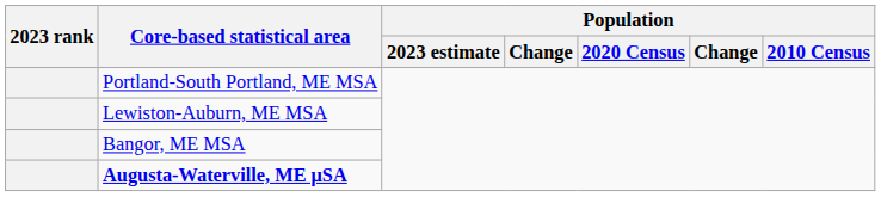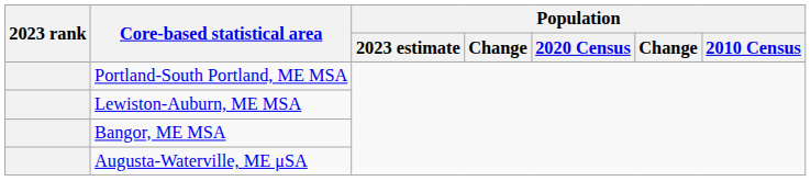 <table class="wikitable sortable">
 <tr>
 <th scope=col rowspan=2>2023 rank</th>
 <th scope=col rowspan=2><a href='#'>Core-based statistical area</a></th>
 <th colspan=5>Population</th>
 </tr>
 <tr>
 <th scope=col>2023 estimate</th>
 <th scope=col>Change</th>
 <th scope=col><a href='#'>2020 Census</a></th>
 <th scope=col>Change</th>
 <th scope=col><a href='#'>2010 Census</a></th>
 </tr>
 <tr>
 <th scope=row></th>
 <td><a href='#'>Portland-South Portland, ME MSA</a><br></td>
 </tr>
 <tr>
 <th scope=row></th>
 <td><a href='#'>Lewiston-Auburn, ME MSA</a><br></td>
 </tr>
 <tr>
 <th scope=row></th>
 <td><a href='#'>Bangor, ME MSA</a><br></td>
 </tr>
 <tr>
 <th scope=row></th>
-<td><strong><a href='#'>Augusta-Waterville, ME μSA</a><br></strong></td>
+<td><a href='#'>Augusta-Waterville, ME μSA</a><br></td>
 </tr>
 </table>
